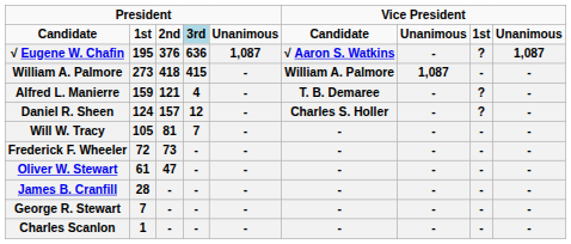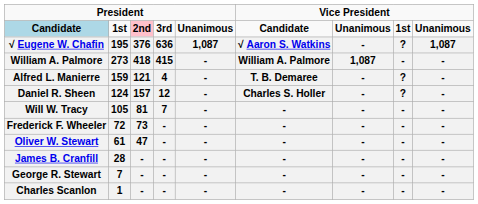 <table class="wikitable" style="text-align:center">
 <tr>
 <td colspan=5><strong>President</strong> </td>
 <td colspan=4><strong>Vice President</strong></td>
 </tr>
 <tr>
-<td><strong>Candidate</strong></td>
+<td style="background: lightblue;"><strong>Candidate</strong></td>
 <td><strong>1st</strong></td>
-<td><strong>2nd</strong></td>
-<td style="background: lightblue;"><strong>3rd</strong></td>
+<td style="background: pink;"><strong>2nd</strong></td>
+<td><strong>3rd</strong></td>
 <td><strong>Unanimous</strong></td>
 <td><strong>Candidate</strong></td>
 <td><strong>Unanimous</strong></td>
 <td><strong>1st</strong></td>
 <td><strong>Unanimous</strong></td>
 </tr>
 <tr>
 <th>√ <strong><a href='#'>Eugene W. Chafin</a></strong></th>
 <th>195</th>
 <th>376</th>
 <th>636</th>
 <th>1,087</th>
 <th>√ <strong><a href='#'>Aaron S. Watkins</a></strong></th>
 <th>-</th>
 <th>?</th>
 <th>1,087</th>
 </tr>
 <tr>
 <th>William A. Palmore</th>
 <th>273</th>
 <th>418</th>
 <th>415</th>
 <th>-</th>
 <th>William A. Palmore</th>
 <th>1,087</th>
 <th>-</th>
 <th>-</th>
 </tr>
 <tr>
 <th>Alfred L. Manierre</th>
 <th>159</th>
 <th>121</th>
 <th>4</th>
 <th>-</th>
 <th>T. B. Demaree</th>
 <th>-</th>
 <th>?</th>
 <th>-</th>
 </tr>
 <tr>
 <th>Daniel R. Sheen</th>
 <th>124</th>
 <th>157</th>
 <th>12</th>
 <th>-</th>
 <th>Charles S. Holler</th>
 <th>-</th>
 <th>?</th>
 <th>-</th>
 </tr>
 <tr>
 <th>Will W. Tracy</th>
 <th>105</th>
 <th>81</th>
 <th>7</th>
 <th>-</th>
 <th>-</th>
 <th>-</th>
 <th>-</th>
 <th>-</th>
 </tr>
 <tr>
 <th>Frederick F. Wheeler</th>
 <th>72</th>
 <th>73</th>
 <th>-</th>
 <th>-</th>
 <th>-</th>
 <th>-</th>
 <th>-</th>
 <th>-</th>
 </tr>
 <tr>
 <th><a href='#'>Oliver W. Stewart</a></th>
 <th>61</th>
 <th>47</th>
 <th>-</th>
 <th>-</th>
 <th>-</th>
 <th>-</th>
 <th>-</th>
 <th>-</th>
 </tr>
 <tr>
 <th><a href='#'>James B. Cranfill</a></th>
 <th>28</th>
 <th>-</th>
 <th>-</th>
 <th>-</th>
 <th>-</th>
 <th>-</th>
 <th>-</th>
 <th>-</th>
 </tr>
 <tr>
 <th>George R. Stewart</th>
 <th>7</th>
 <th>-</th>
 <th>-</th>
 <th>-</th>
 <th>-</th>
 <th>-</th>
 <th>-</th>
 <th>-</th>
 </tr>
 <tr>
 <th>Charles Scanlon</th>
 <th>1</th>
 <th>-</th>
 <th>-</th>
 <th>-</th>
 <th>-</th>
 <th>-</th>
 <th>-</th>
 <th>-</th>
 </tr>
 </table>
